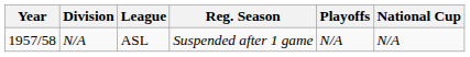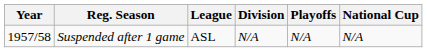 <table class="wikitable">
 <tr>
 <th>Year</th>
+<th>Reg. Season</th>
+<th>League</th>
 <th>Division</th>
-<th>League</th>
-<th>Reg. Season</th>
 <th>Playoffs</th>
 <th>National Cup</th>
 </tr>
 <tr>
 <td>1957/58</td>
+<td><em>Suspended after 1 game</em></td>
+<td>ASL</td>
 <td><em>N/A</em></td>
-<td>ASL</td>
-<td><em>Suspended after 1 game</em></td>
 <td><em>N/A</em></td>
 <td><em>N/A</em></td>
 </tr>
 </table>
